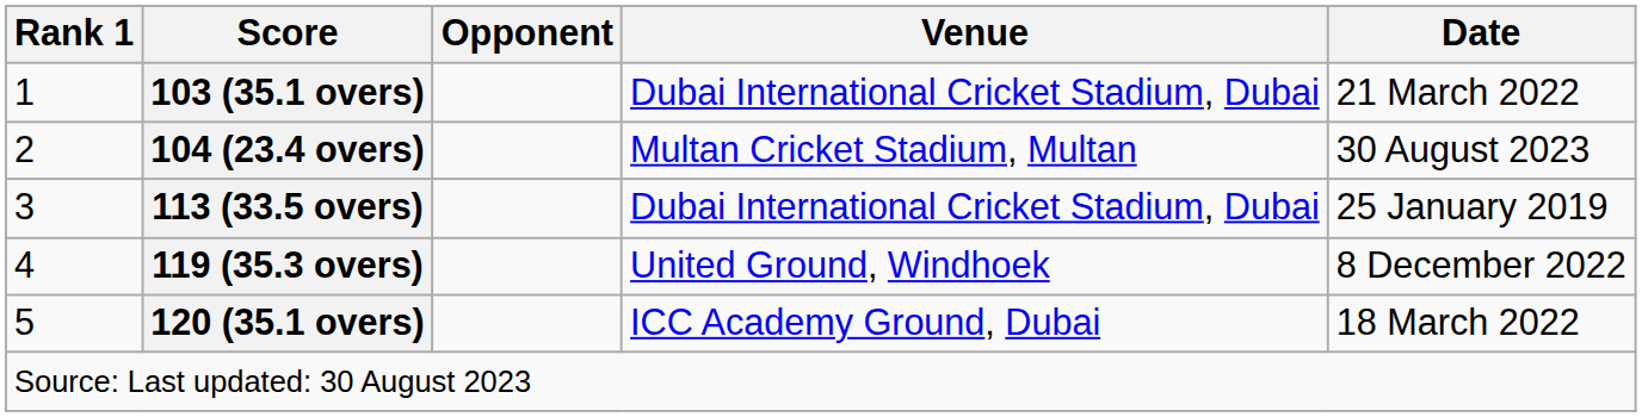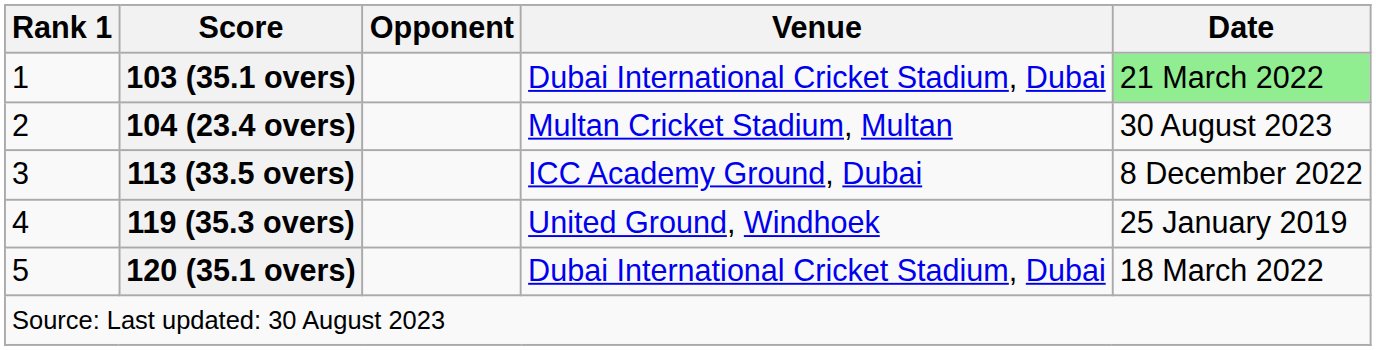 <table class="wikitable">
 <tr>
 <th>Rank 1</th>
 <th>Score</th>
 <th>Opponent</th>
 <th>Venue</th>
 <th>Date</th>
 </tr>
 <tr>
 <td>1</td>
 <th>103 (35.1 overs)</th>
 <td></td>
 <td><a href='#'>Dubai International Cricket Stadium</a>, <a href='#'>Dubai</a></td>
-<td>21 March 2022</td>
+<td style="background: lightgreen;">21 March 2022</td>
 </tr>
 <tr>
 <td>2</td>
 <th>104 (23.4 overs)</th>
 <td></td>
 <td><a href='#'>Multan Cricket Stadium</a>, <a href='#'>Multan</a></td>
 <td>30 August 2023</td>
 </tr>
 <tr>
 <td>3</td>
 <th>113 (33.5 overs)</th>
 <td></td>
-<td><a href='#'>Dubai International Cricket Stadium</a>, <a href='#'>Dubai</a></td>
-<td>25 January 2019</td>
+<td><a href='#'>ICC Academy Ground</a>, <a href='#'>Dubai</a></td>
+<td>8 December 2022</td>
 </tr>
 <tr>
 <td>4</td>
 <th>119 (35.3 overs)</th>
 <td></td>
 <td><a href='#'>United Ground</a>, <a href='#'>Windhoek</a></td>
-<td>8 December 2022</td>
+<td>25 January 2019</td>
 </tr>
 <tr>
 <td>5</td>
 <th>120 (35.1 overs)</th>
 <td></td>
-<td><a href='#'>ICC Academy Ground</a>, <a href='#'>Dubai</a></td>
+<td><a href='#'>Dubai International Cricket Stadium</a>, <a href='#'>Dubai</a></td>
 <td>18 March 2022</td>
 </tr>
 <tr>
 <td colspan="5" style="text-align:left;"><small>Source:  Last updated: 30 August 2023</small></td>
 </tr>
 </table>
